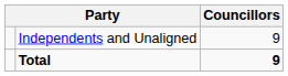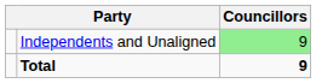 <table class="wikitable">
 <tr>
 <th colspan="2">Party</th>
 <th>Councillors</th>
 </tr>
 <tr>
 <td> </td>
 <td><a href='#'>Independents</a> and Unaligned</td>
-<td align=right>9</td>
+<td align=right style="background: lightgreen;">9</td>
 </tr>
 <tr>
 <td></td>
 <td><strong>Total</strong></td>
 <td align=right><strong>9</strong></td>
 </tr>
 </table>
